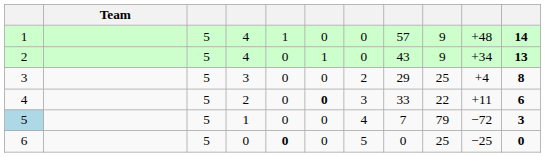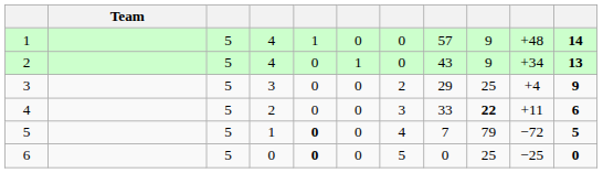 <table class="wikitable" style="text-align:center;">
 <tr>
 <th width=40></th>
 <th width=165>Team</th>
 <th width=40></th>
 <th width=40></th>
 <th width=40></th>
 <th width=40></th>
 <th width=40></th>
 <th width=40></th>
 <th width=40></th>
 <th width=40></th>
 <th width=40></th>
 </tr>
 <tr style="background:#ccffcc;">
 <td>1</td>
 <td align=left></td>
 <td>5</td>
 <td>4</td>
 <td>1</td>
 <td>0</td>
 <td>0</td>
 <td>57</td>
 <td>9</td>
 <td>+48</td>
 <td><strong>14</strong></td>
 </tr>
 <tr style="background:#ccffcc;">
 <td>2</td>
 <td align=left></td>
 <td>5</td>
 <td>4</td>
 <td>0</td>
 <td>1</td>
 <td>0</td>
 <td>43</td>
 <td>9</td>
 <td>+34</td>
 <td><strong>13</strong></td>
 </tr>
 <tr>
 <td>3</td>
 <td align=left></td>
 <td>5</td>
 <td>3</td>
 <td>0</td>
 <td>0</td>
 <td>2</td>
 <td>29</td>
 <td>25</td>
 <td>+4</td>
-<td><strong>8</strong></td>
+<td><strong>9</strong></td>
 </tr>
 <tr>
 <td>4</td>
 <td align=left></td>
 <td>5</td>
 <td>2</td>
 <td>0</td>
-<td><strong>0</strong></td>
+<td>0</td>
 <td>3</td>
 <td>33</td>
-<td>22</td>
+<td><strong>22</strong></td>
 <td>+11</td>
 <td><strong>6</strong></td>
 </tr>
 <tr>
-<td style="background: lightblue;">5</td>
+<td>5</td>
 <td align=left></td>
 <td>5</td>
 <td>1</td>
-<td>0</td>
+<td><strong>0</strong></td>
 <td>0</td>
 <td>4</td>
 <td>7</td>
 <td>79</td>
 <td>−72</td>
-<td><strong>3</strong></td>
+<td><strong>5</strong></td>
 </tr>
 <tr>
 <td>6</td>
 <td align=left></td>
 <td>5</td>
 <td>0</td>
 <td><strong>0</strong></td>
 <td>0</td>
 <td>5</td>
 <td>0</td>
 <td>25</td>
 <td>−25</td>
 <td><strong>0</strong></td>
 </tr>
 </table>
